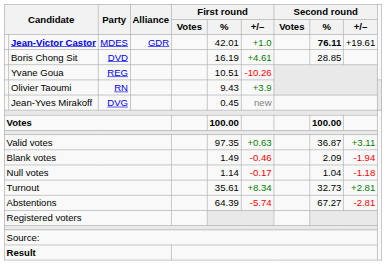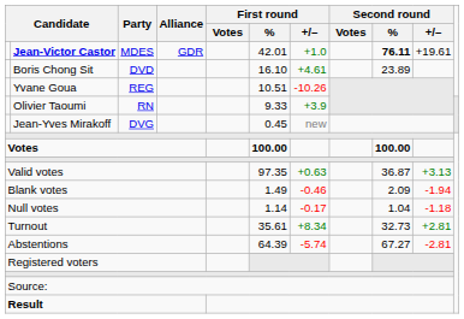 <table class="wikitable" style="text-align:right;font-size:95%;">
 <tr>
 <th rowspan="2" colspan="2">Candidate</th>
 <th colspan="1" rowspan="2">Party</th>
 <th colspan="1" rowspan="2">Alliance</th>
 <th colspan="3">First round</th>
 <th colspan="3">Second round</th>
 </tr>
 <tr>
 <th style="width:50px;">Votes</th>
 <th style="width:45px;">%</th>
 <th style="width:45px;">+/–</th>
 <th style="width:50px;">Votes</th>
 <th style="width:45px;">%</th>
 <th style="width:45px;">+/–</th>
 </tr>
 <tr>
 <td style="color:inherit;background:"></td>
 <td style="text-align:left;"><strong><a href='#'>Jean-Victor Castor</a></strong></td>
 <td><a href='#'>MDES</a></td>
 <td><a href='#'>GDR</a></td>
 <td></td>
 <td>42.01</td>
 <td style="color:green;">+1.0</td>
 <td><strong></strong></td>
 <td><strong>76.11</strong></td>
 <td style="color:greed;">+19.61</td>
 </tr>
 <tr>
 <td style="color:inherit;background:"></td>
 <td style="text-align:left;">Boris Chong Sit</td>
 <td><a href='#'>DVD</a></td>
 <td></td>
 <td></td>
-<td>16.19</td>
+<td>16.10</td>
 <td style="color:green;">+4.61</td>
 <td></td>
-<td>28.85</td>
+<td>23.89</td>
 <td></td>
 </tr>
 <tr>
 <td style="color:inherit;background:"></td>
 <td style="text-align:left;">Yvane Goua</td>
 <td><a href='#'>REG</a></td>
 <td></td>
 <td></td>
 <td>10.51</td>
 <td style="color:red;">-10.26</td>
 <td colspan="3" rowspan="2" style="background:#E9E9E9;"></td>
 </tr>
 <tr>
 <td style="color:inherit;background:"></td>
 <td style="text-align:left;">Olivier Taoumi</td>
 <td><a href='#'>RN</a></td>
 <td></td>
 <td></td>
-<td>9.43</td>
+<td>9.33</td>
 <td style="color:green;">+3.9</td>
 <td colspan="3" rowspan="2" style="background:#E9E9E9;"></td>
 </tr>
 <tr>
 <td style="color:inherit;background:"></td>
 <td style="text-align:left;">Jean-Yves Mirakoff</td>
 <td><a href='#'>DVG</a></td>
 <td></td>
 <td></td>
 <td>0.45</td>
 <td style="color:grey;">new</td>
 </tr>
 <tr>
 <td colspan="10" style="background:#E9E9E9;"></td>
 </tr>
 <tr style="font-weight:bold;">
 <td colspan="4" style="text-align:left;">Votes</td>
 <td></td>
 <td>100.00</td>
 <td></td>
 <td></td>
 <td>100.00</td>
 <td></td>
 </tr>
 <tr>
 <td colspan="10" style="background:#E9E9E9;"></td>
 </tr>
 <tr>
 <td colspan="4" style="text-align:left;">Valid votes</td>
 <td></td>
 <td>97.35</td>
 <td style="color:green;">+0.63</td>
 <td></td>
 <td>36.87</td>
-<td style="color:green;">+3.11</td>
+<td style="color:green;">+3.13</td>
 </tr>
 <tr>
 <td colspan="4" style="text-align:left;">Blank votes</td>
 <td></td>
 <td>1.49</td>
 <td style="color:red;">-0.46</td>
 <td></td>
 <td>2.09</td>
 <td style="color:red;">-1.94</td>
 </tr>
 <tr>
 <td colspan="4" style="text-align:left;">Null votes</td>
 <td></td>
 <td>1.14</td>
 <td style="color:red;">-0.17</td>
 <td></td>
 <td>1.04</td>
 <td style="color:red;">-1.18</td>
 </tr>
 <tr>
 <td colspan="4" style="text-align:left;">Turnout</td>
 <td></td>
 <td>35.61</td>
 <td style="color:green;">+8.34</td>
 <td></td>
 <td>32.73</td>
 <td style="color:green;">+2.81</td>
 </tr>
 <tr>
 <td colspan="4" style="text-align:left;">Abstentions</td>
 <td></td>
 <td>64.39</td>
 <td style="color:red;">-5.74</td>
 <td></td>
 <td>67.27</td>
 <td style="color:red;">-2.81</td>
 </tr>
 <tr>
 <td colspan="4" style="text-align:left;">Registered voters</td>
 <td></td>
 <td colspan="2" style="background:#E9E9E9;"></td>
 <td></td>
 <td colspan="2" style="background:#E9E9E9;"></td>
 </tr>
 <tr>
 <td colspan="10" style="background:#E9E9E9;"></td>
 </tr>
 <tr>
 <td colspan="10" style="text-align:left;">Source: </td>
 </tr>
 <tr style="font-weight:bold">
 <td colspan="4" style="text-align:left;">Result</td>
 <td colspan="6" style="background-color:"></td>
 </tr>
 </table>
